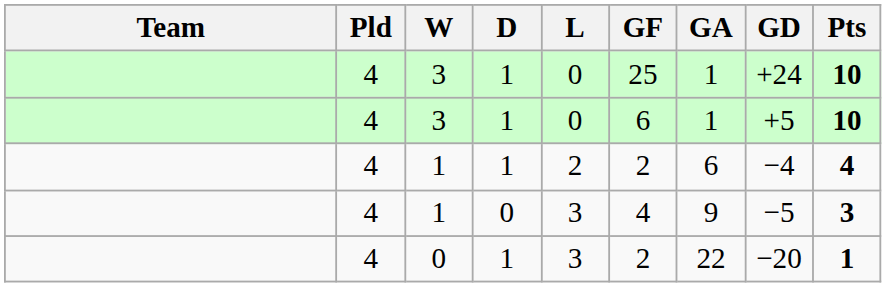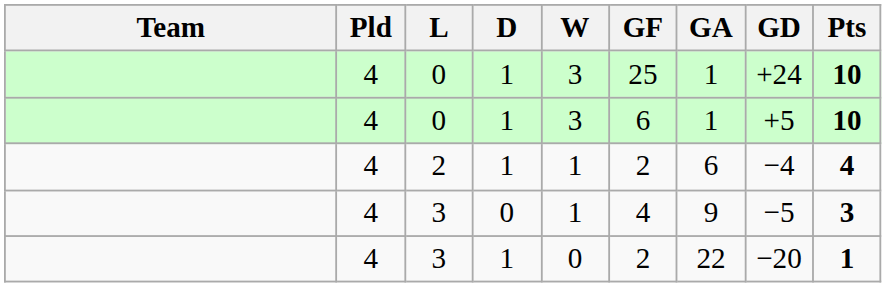 <table class="wikitable" style="text-align:center;">
 <tr>
 <th width=175>Team</th>
 <th width=30  abbr="Played">Pld</th>
+<th width=30  abbr="Lost">L</th>
+<th width=30  abbr="Drawn">D</th>
 <th width=30  abbr="Won">W</th>
-<th width=30  abbr="Drawn">D</th>
-<th width=30  abbr="Lost">L</th>
 <th width=30  abbr="Goals for">GF</th>
 <th width=30  abbr="Goals against">GA</th>
 <th width=30  abbr="Goal difference">GD</th>
 <th width=30  abbr="Points">Pts</th>
 </tr>
 <tr bgcolor="#ccffcc">
 <td align=left></td>
 <td>4</td>
+<td>0</td>
+<td>1</td>
 <td>3</td>
-<td>1</td>
-<td>0</td>
 <td>25</td>
 <td>1</td>
 <td>+24</td>
 <td><strong>10</strong></td>
 </tr>
 <tr bgcolor="#ccffcc">
 <td align=left></td>
 <td>4</td>
+<td>0</td>
+<td>1</td>
 <td>3</td>
-<td>1</td>
-<td>0</td>
 <td>6</td>
 <td>1</td>
 <td>+5</td>
 <td><strong>10</strong></td>
 </tr>
 <tr>
 <td align=left></td>
 <td>4</td>
+<td>2</td>
 <td>1</td>
 <td>1</td>
-<td>2</td>
 <td>2</td>
 <td>6</td>
 <td>−4</td>
 <td><strong>4</strong></td>
 </tr>
 <tr>
 <td align=left></td>
 <td>4</td>
+<td>3</td>
+<td>0</td>
 <td>1</td>
-<td>0</td>
-<td>3</td>
 <td>4</td>
 <td>9</td>
 <td>−5</td>
 <td><strong>3</strong></td>
 </tr>
 <tr>
 <td align=left></td>
 <td>4</td>
+<td>3</td>
+<td>1</td>
 <td>0</td>
-<td>1</td>
-<td>3</td>
 <td>2</td>
 <td>22</td>
 <td>−20</td>
 <td><strong>1</strong></td>
 </tr>
 </table>
